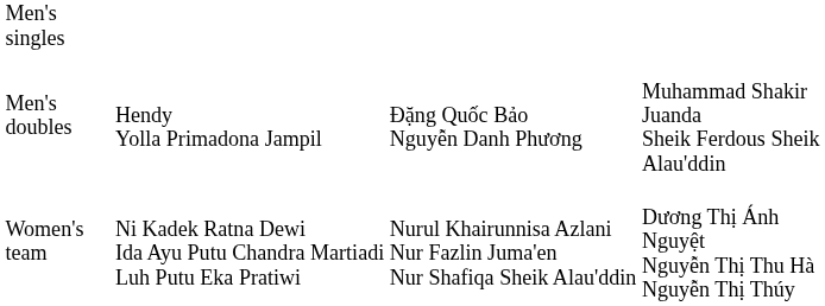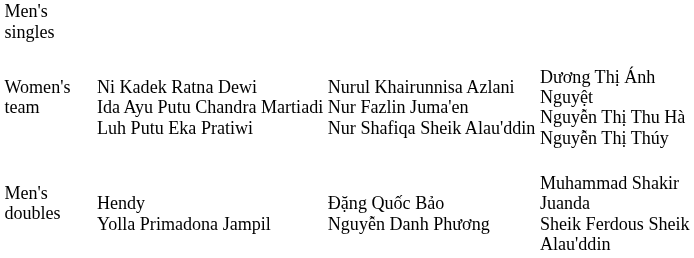 <table>
 <tr>
 <td>Men's singles<br></td>
 <td></td>
 <td></td>
 <td nowrap></td>
 </tr>
 <tr>
+<td>Women's team<br></td>
+<td nowrap><br>Ni Kadek Ratna Dewi<br>Ida Ayu Putu Chandra Martiadi<br>Luh Putu Eka Pratiwi</td>
+<td nowrap><br>Nurul Khairunnisa Azlani<br>Nur Fazlin Juma'en<br>Nur Shafiqa Sheik Alau'ddin</td>
+<td><br>Dương Thị Ánh Nguyệt<br>Nguyễn Thị Thu Hà<br>Nguyễn Thị Thúy</td>
+</tr>
+<tr>
 <td>Men's doubles<br></td>
 <td><br>Hendy<br>Yolla Primadona Jampil</td>
 <td><br>Đặng Quốc Bảo<br>Nguyễn Danh Phương</td>
 <td><br>Muhammad Shakir Juanda<br>Sheik Ferdous Sheik Alau'ddin</td>
 </tr>
-<tr>
-<td>Women's team<br></td>
-<td nowrap><br>Ni Kadek Ratna Dewi<br>Ida Ayu Putu Chandra Martiadi<br>Luh Putu Eka Pratiwi</td>
-<td nowrap><br>Nurul Khairunnisa Azlani<br>Nur Fazlin Juma'en<br>Nur Shafiqa Sheik Alau'ddin</td>
-<td><br>Dương Thị Ánh Nguyệt<br>Nguyễn Thị Thu Hà<br>Nguyễn Thị Thúy</td>
-</tr>
 </table>
